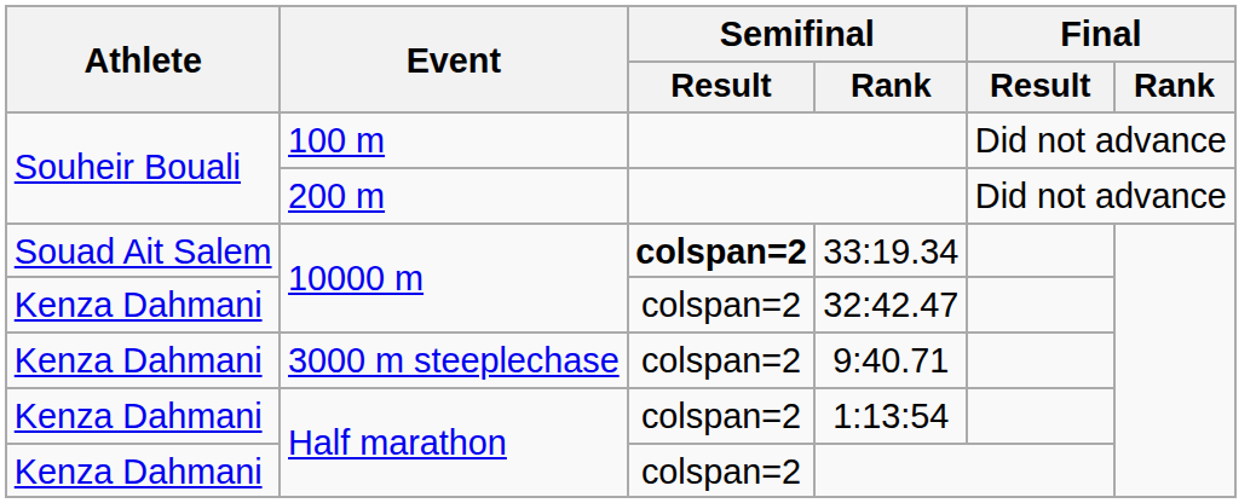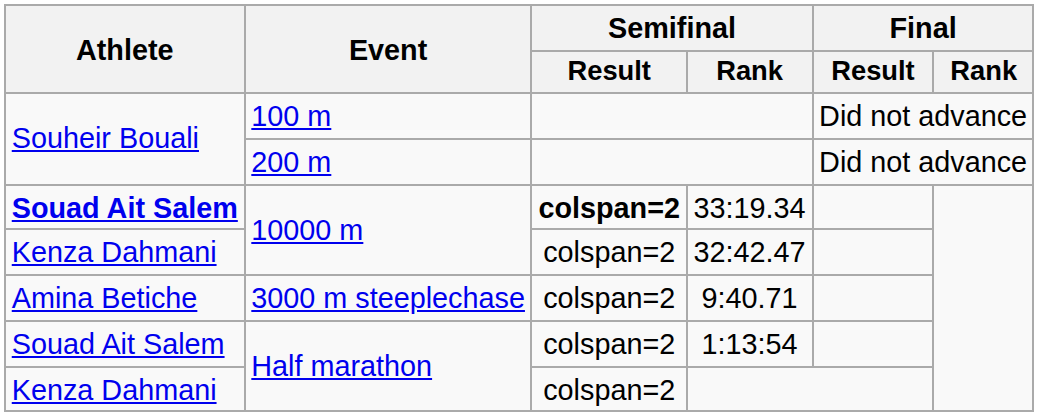 <table class="wikitable" style="font-size:90%">
 <tr>
 <th rowspan="2">Athlete</th>
 <th rowspan="2">Event</th>
 <th colspan="2">Semifinal</th>
 <th colspan="2">Final</th>
 </tr>
 <tr style="font-size:95%">
 <th>Result</th>
 <th>Rank</th>
 <th>Result</th>
 <th>Rank</th>
 </tr>
 <tr align=center>
 <td align=left rowspan=2><a href='#'>Souheir Bouali</a></td>
 <td align=left><a href='#'>100 m</a></td>
 <td colspan=2></td>
 <td colspan=2>Did not advance</td>
 </tr>
 <tr align=center>
 <td align=left><a href='#'>200 m</a></td>
 <td colspan=2></td>
 <td colspan=2>Did not advance</td>
 </tr>
 <tr align=center>
-<td align=left><a href='#'>Souad Ait Salem</a></td>
+<td align=left><strong><a href='#'>Souad Ait Salem</a></strong></td>
 <td align=left rowspan=2><a href='#'>10000 m</a></td>
 <td><strong>colspan=2 </strong></td>
 <td>33:19.34</td>
 <td></td>
 </tr>
 <tr align=center>
 <td align=left><a href='#'>Kenza Dahmani</a></td>
 <td>colspan=2 </td>
 <td>32:42.47</td>
 <td></td>
 </tr>
 <tr align=center>
-<td align=left><a href='#'>Kenza Dahmani</a></td>
+<td align=left><a href='#'>Amina Betiche</a></td>
 <td align=left><a href='#'>3000 m steeplechase</a></td>
 <td>colspan=2 </td>
 <td>9:40.71</td>
 <td></td>
 </tr>
 <tr align=center>
-<td align=left><a href='#'>Kenza Dahmani</a></td>
+<td align=left><a href='#'>Souad Ait Salem</a></td>
 <td align=left rowspan=2><a href='#'>Half marathon</a></td>
 <td>colspan=2 </td>
 <td>1:13:54</td>
 <td></td>
 </tr>
 <tr align=center>
 <td align=left><a href='#'>Kenza Dahmani</a></td>
 <td>colspan=2 </td>
 <td colspan=2></td>
 </tr>
 </table>
